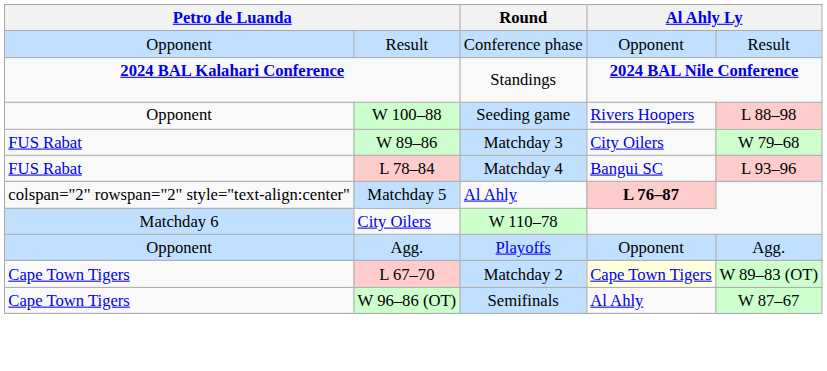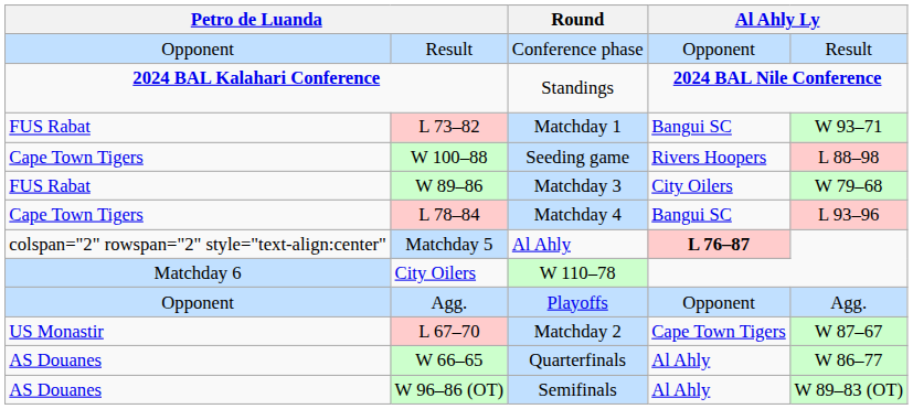 <table class="wikitable" style="text-align:center">
 <tr>
 <th colspan="2"><strong> <a href='#'>Petro de Luanda</a></strong></th>
 <th>Round</th>
 <th colspan="2"> <a href='#'>Al Ahly Ly</a></th>
 </tr>
 <tr style="background:#C1E0FF">
 <td>Opponent</td>
 <td>Result</td>
 <td>Conference phase</td>
 <td>Opponent</td>
 <td>Result</td>
 </tr>
 <tr>
 <td colspan="2" align="center"><strong><a href='#'>2024 BAL Kalahari Conference</a></strong><br><br></td>
 <td>Standings</td>
 <td colspan="2"  align="center"><strong><a href='#'>2024 BAL Nile Conference</a></strong><br><br></td>
 </tr>
 <tr>
-<td>Opponent</td>
+<td style="text-align:left"> <a href='#'>FUS Rabat</a></td>
+<td bgcolor=#fcc>L 73–82</td>
+<td style="background:#C1E0FF">Matchday 1</td>
+<td style="text-align:left"> <a href='#'>Bangui SC</a></td>
+<td bgcolor=#cfc>W 93–71</td>
+</tr>
+<tr>
+<td style="text-align:left"> <a href='#'>Cape Town Tigers</a></td>
 <td bgcolor=#cfc>W 100–88</td>
 <td style="background:#C1E0FF">Seeding game</td>
 <td style="text-align:left"> <a href='#'>Rivers Hoopers</a></td>
 <td bgcolor=#fcc>L 88–98</td>
 </tr>
 <tr>
 <td style="text-align:left"> <a href='#'>FUS Rabat</a></td>
 <td bgcolor=#cfc>W 89–86</td>
 <td style="background:#C1E0FF">Matchday 3</td>
 <td style="text-align:left"> <a href='#'>City Oilers</a></td>
 <td bgcolor=#cfc>W 79–68</td>
 </tr>
 <tr>
-<td style="text-align:left"> <a href='#'>FUS Rabat</a></td>
+<td style="text-align:left"> <a href='#'>Cape Town Tigers</a></td>
 <td bgcolor=#fcc>L 78–84</td>
 <td style="background:#C1E0FF">Matchday 4</td>
 <td style="text-align:left"> <a href='#'>Bangui SC</a></td>
 <td bgcolor=#fcc>L 93–96</td>
 </tr>
 <tr>
 <td>colspan="2" rowspan="2" style="text-align:center" </td>
 <td style="background:#C1E0FF">Matchday 5</td>
 <td style="text-align:left"> <a href='#'>Al Ahly</a></td>
 <td bgcolor=#fcc><strong>L 76–87</strong></td>
 </tr>
 <tr>
 <td style="background:#C1E0FF">Matchday 6</td>
 <td style="text-align:left"> <a href='#'>City Oilers</a></td>
 <td bgcolor=#cfc>W 110–78</td>
 </tr>
 <tr style="background:#C1E0FF">
 <td>Opponent</td>
 <td>Agg.</td>
 <td><a href='#'>Playoffs</a></td>
 <td>Opponent</td>
 <td>Agg.</td>
 </tr>
 <tr>
-<td style="text-align:left"> <a href='#'>Cape Town Tigers</a></td>
+<td style="text-align:left"> <a href='#'>US Monastir</a></td>
 <td bgcolor=#fcc>L 67–70</td>
 <td style="background:#C1E0FF">Matchday 2</td>
-<td style="background: lightyellow; text-align:left"> <a href='#'>Cape Town Tigers</a></td>
-<td bgcolor=#cfc>W 89–83 (OT)</td>
+<td style="text-align:left"> <a href='#'>Cape Town Tigers</a></td>
+<td bgcolor=#cfc>W 87–67</td>
 </tr>
 <tr>
-<td style="text-align:left"> <a href='#'>Cape Town Tigers</a></td>
+<td style="text-align:left"> <a href='#'>AS Douanes</a></td>
+<td bgcolor=#cfc>W 66–65</td>
+<td style="background:#C1E0FF">Quarterfinals</td>
+<td style="text-align:left"> <a href='#'>Al Ahly</a></td>
+<td bgcolor=#cfc>W 86–77</td>
+</tr>
+<tr>
+<td style="text-align:left"> <a href='#'>AS Douanes</a></td>
 <td bgcolor=#cfc>W 96–86 (OT)</td>
 <td style="background:#C1E0FF">Semifinals</td>
 <td style="text-align:left"> <a href='#'>Al Ahly</a></td>
-<td bgcolor=#cfc>W 87–67</td>
+<td bgcolor=#cfc>W 89–83 (OT)</td>
 </tr>
 </table>
